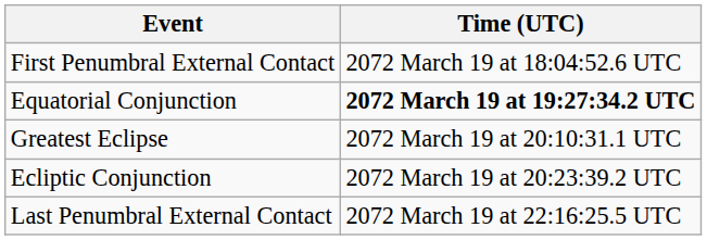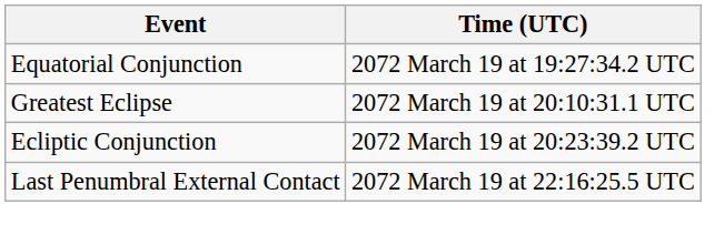 <table class="wikitable">
 <tr>
 <th>Event</th>
 <th>Time (UTC)</th>
 </tr>
 <tr>
-<td>First Penumbral External Contact</td>
-<td>2072 March 19 at 18:04:52.6 UTC</td>
-</tr>
-<tr>
 <td>Equatorial Conjunction</td>
-<td><strong>2072 March 19 at 19:27:34.2 UTC</strong></td>
+<td>2072 March 19 at 19:27:34.2 UTC</td>
 </tr>
 <tr>
 <td>Greatest Eclipse</td>
 <td>2072 March 19 at 20:10:31.1 UTC</td>
 </tr>
 <tr>
 <td>Ecliptic Conjunction</td>
 <td>2072 March 19 at 20:23:39.2 UTC</td>
 </tr>
 <tr>
 <td>Last Penumbral External Contact</td>
 <td>2072 March 19 at 22:16:25.5 UTC</td>
 </tr>
 </table>
